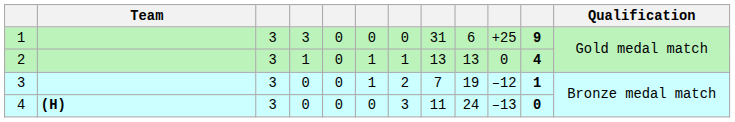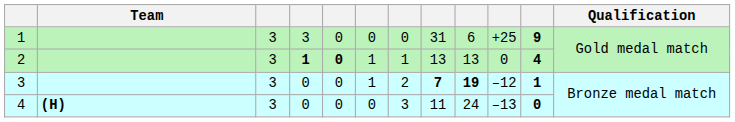 <table class="wikitable" style="font-size: 100%">
 <tr>
 <th width="25"></th>
 <th width="200">Team</th>
 <th width="25"></th>
 <th width="25"></th>
 <th width="25"></th>
 <th width="25"></th>
 <th width="25"></th>
 <th width="25"></th>
 <th width="25"></th>
 <th width="25"></th>
 <th width="25"></th>
 <th width="160">Qualification</th>
 </tr>
 <tr align=center bgcolor=#bbf3bb>
 <td>1</td>
 <td align=left></td>
 <td>3</td>
 <td>3</td>
 <td>0</td>
 <td>0</td>
 <td>0</td>
 <td>31</td>
 <td>6</td>
 <td>+25</td>
 <td><strong>9</strong></td>
 <td rowspan=2>Gold medal match</td>
 </tr>
 <tr align=center bgcolor=#bbf3bb>
 <td>2</td>
 <td align=left></td>
 <td>3</td>
-<td>1</td>
-<td>0</td>
+<td><strong>1</strong></td>
+<td><strong>0</strong></td>
 <td>1</td>
 <td>1</td>
 <td>13</td>
 <td>13</td>
 <td>0</td>
 <td><strong>4</strong></td>
 </tr>
 <tr align=center bgcolor=#ccffff>
 <td>3</td>
 <td align=left></td>
 <td>3</td>
 <td>0</td>
 <td>0</td>
 <td>1</td>
 <td>2</td>
-<td>7</td>
-<td>19</td>
+<td><strong>7</strong></td>
+<td><strong>19</strong></td>
 <td>–12</td>
 <td><strong>1</strong></td>
 <td rowspan=2>Bronze medal match</td>
 </tr>
 <tr align=center bgcolor=#ccffff>
 <td>4</td>
 <td align=left> <strong>(H)</strong></td>
 <td>3</td>
 <td>0</td>
 <td>0</td>
 <td>0</td>
 <td>3</td>
 <td>11</td>
 <td>24</td>
 <td>–13</td>
 <td><strong>0</strong></td>
 </tr>
 </table>
